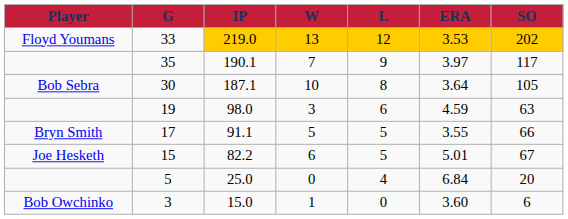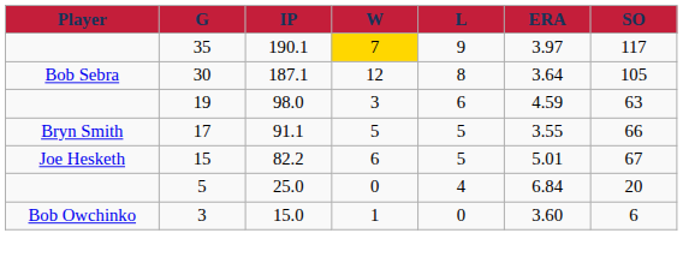 <table class="wikitable sortable">
 <tr>
 <th style="background:#C41E3A;color:#14345B;" width="16%">Player</th>
 <th style="background:#C41E3A;color:#14345B;" width="9%">G</th>
 <th style="background:#C41E3A;color:#14345B;" width="9%">IP</th>
 <th style="background:#C41E3A;color:#14345B;" width="9%">W</th>
 <th style="background:#C41E3A;color:#14345B;" width="9%">L</th>
 <th style="background:#C41E3A;color:#14345B;" width="9%">ERA</th>
 <th style="background:#C41E3A;color:#14345B;" width="9%">SO</th>
 </tr>
-<tr align="center">
-<td><a href='#'>Floyd Youmans</a></td>
-<td>33</td>
-<td bgcolor="#FFCC00">219.0</td>
-<td bgcolor="#FFCC00">13</td>
-<td bgcolor="#FFCC00">12</td>
-<td bgcolor="#FFCC00">3.53</td>
-<td bgcolor="#FFCC00">202</td>
-</tr>
 <tr align=center>
 <td></td>
 <td>35</td>
 <td>190.1</td>
-<td>7</td>
+<td style="background: gold;">7</td>
 <td>9</td>
 <td>3.97</td>
 <td>117</td>
 </tr>
 <tr align="center">
 <td><a href='#'>Bob Sebra</a></td>
 <td>30</td>
 <td>187.1</td>
-<td>10</td>
+<td>12</td>
 <td>8</td>
 <td>3.64</td>
 <td>105</td>
 </tr>
 <tr align=center>
 <td></td>
 <td>19</td>
 <td>98.0</td>
 <td>3</td>
 <td>6</td>
 <td>4.59</td>
 <td>63</td>
 </tr>
 <tr align="center">
 <td><a href='#'>Bryn Smith</a></td>
 <td>17</td>
 <td>91.1</td>
 <td>5</td>
 <td>5</td>
 <td>3.55</td>
 <td>66</td>
 </tr>
 <tr align=center>
 <td><a href='#'>Joe Hesketh</a></td>
 <td>15</td>
 <td>82.2</td>
 <td>6</td>
 <td>5</td>
 <td>5.01</td>
 <td>67</td>
 </tr>
 <tr align=center>
 <td></td>
 <td>5</td>
 <td>25.0</td>
 <td>0</td>
 <td>4</td>
 <td>6.84</td>
 <td>20</td>
 </tr>
 <tr align="center">
 <td><a href='#'>Bob Owchinko</a></td>
 <td>3</td>
 <td>15.0</td>
 <td>1</td>
 <td>0</td>
 <td>3.60</td>
 <td>6</td>
 </tr>
 </table>
